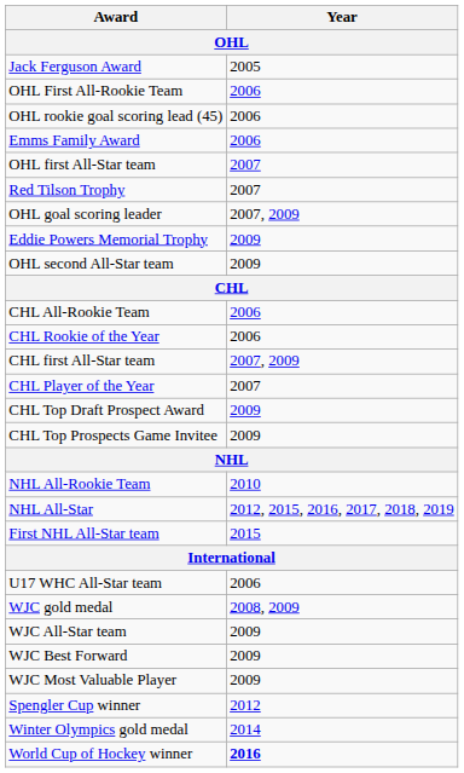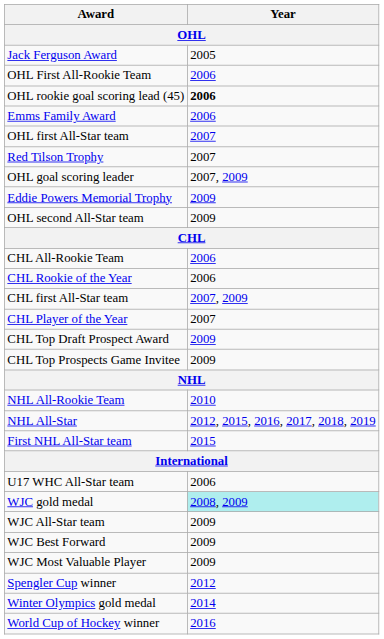 <table class="wikitable">
 <tr>
 <th>Award</th>
 <th>Year</th>
 </tr>
 <tr>
 <th colspan="2"><a href='#'>OHL</a></th>
 </tr>
 <tr>
 <td><a href='#'>Jack Ferguson Award</a></td>
 <td>2005</td>
 </tr>
 <tr>
 <td>OHL First All-Rookie Team</td>
 <td><a href='#'>2006</a></td>
 </tr>
 <tr>
 <td>OHL rookie goal scoring lead (45)</td>
-<td>2006</td>
+<td><strong>2006</strong></td>
 </tr>
 <tr>
 <td><a href='#'>Emms Family Award</a></td>
 <td><a href='#'>2006</a></td>
 </tr>
 <tr>
 <td>OHL first All-Star team</td>
 <td><a href='#'>2007</a></td>
 </tr>
 <tr>
 <td><a href='#'>Red Tilson Trophy</a></td>
 <td>2007</td>
 </tr>
 <tr>
 <td>OHL goal scoring leader</td>
 <td>2007, <a href='#'>2009</a></td>
 </tr>
 <tr>
 <td><a href='#'>Eddie Powers Memorial Trophy</a></td>
 <td><a href='#'>2009</a></td>
 </tr>
 <tr>
 <td>OHL second All-Star team</td>
 <td>2009</td>
 </tr>
 <tr>
 <th colspan="2"><a href='#'>CHL</a></th>
 </tr>
 <tr>
 <td>CHL All-Rookie Team</td>
 <td><a href='#'>2006</a></td>
 </tr>
 <tr>
 <td><a href='#'>CHL Rookie of the Year</a></td>
 <td>2006</td>
 </tr>
 <tr>
 <td>CHL first All-Star team</td>
 <td><a href='#'>2007</a>, <a href='#'>2009</a></td>
 </tr>
 <tr>
 <td><a href='#'>CHL Player of the Year</a></td>
 <td>2007</td>
 </tr>
 <tr>
 <td>CHL Top Draft Prospect Award</td>
 <td><a href='#'>2009</a></td>
 </tr>
 <tr>
 <td>CHL Top Prospects Game Invitee</td>
 <td>2009</td>
 </tr>
 <tr>
 <th colspan="2"><a href='#'>NHL</a></th>
 </tr>
 <tr>
 <td><a href='#'>NHL All-Rookie Team</a></td>
 <td><a href='#'>2010</a></td>
 </tr>
 <tr>
 <td><a href='#'>NHL All-Star</a></td>
 <td><a href='#'>2012</a>, <a href='#'>2015</a>, <a href='#'>2016</a>, <a href='#'>2017</a>, <a href='#'>2018</a>, <a href='#'>2019</a></td>
 </tr>
 <tr>
 <td><a href='#'>First NHL All-Star team</a></td>
 <td><a href='#'>2015</a></td>
 </tr>
 <tr>
 <th colspan="2"><a href='#'>International</a></th>
 </tr>
 <tr>
 <td>U17 WHC All-Star team</td>
 <td>2006</td>
 </tr>
 <tr>
 <td><a href='#'>WJC</a> gold medal</td>
-<td><a href='#'>2008</a>, <a href='#'>2009</a></td>
+<td style="background: paleturquoise;"><a href='#'>2008</a>, <a href='#'>2009</a></td>
 </tr>
 <tr>
 <td>WJC All-Star team</td>
 <td>2009</td>
 </tr>
 <tr>
 <td>WJC Best Forward</td>
 <td>2009</td>
 </tr>
 <tr>
 <td>WJC Most Valuable Player</td>
 <td>2009</td>
 </tr>
 <tr>
 <td><a href='#'>Spengler Cup</a> winner</td>
 <td><a href='#'>2012</a></td>
 </tr>
 <tr>
 <td><a href='#'>Winter Olympics</a> gold medal</td>
 <td><a href='#'>2014</a></td>
 </tr>
 <tr>
 <td><a href='#'>World Cup of Hockey</a> winner</td>
-<td><strong><a href='#'>2016</a></strong></td>
+<td><a href='#'>2016</a></td>
 </tr>
 </table>
